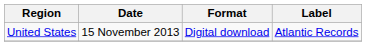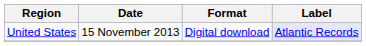 <table class=wikitable>
 <tr>
 <th>Region</th>
 <th>Date</th>
 <th>Format</th>
 <th>Label</th>
 </tr>
 <tr>
 <td><a href='#'>United States</a></td>
 <td>15 November 2013</td>
 <td><a href='#'>Digital download</a></td>
-<td><a href='#'>Atlantic Records</a></td>
+<td style="background: lavender;"><a href='#'>Atlantic Records</a></td>
 </tr>
 <tr>
 </tr>
 </table>
